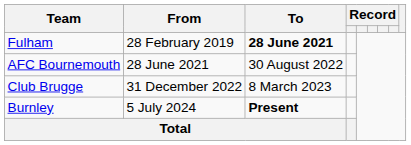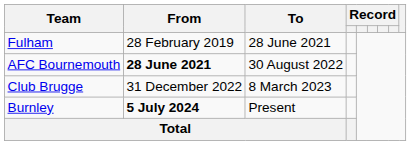 <table class=wikitable style=text-align:center>
 <tr>
 <th rowspan=2>Team</th>
 <th rowspan=2>From</th>
 <th rowspan=2>To</th>
 <th colspan=5>Record</th>
 <th rowspan=2></th>
 </tr>
 <tr>
 <th></th>
 <th></th>
 <th></th>
 <th></th>
 <th></th>
 </tr>
 <tr>
 <td align=left><a href='#'>Fulham</a></td>
 <td align=left>28 February 2019</td>
-<td align=left><strong>28 June 2021<br></strong></td>
+<td align=left>28 June 2021<br></td>
 <td></td>
 </tr>
 <tr>
 <td align=left><a href='#'>AFC Bournemouth</a></td>
-<td align=left>28 June 2021</td>
+<td align=left><strong>28 June 2021</strong></td>
 <td align=left>30 August 2022<br></td>
 <td></td>
 </tr>
 <tr>
 <td align=left><a href='#'>Club Brugge</a></td>
 <td align=left>31 December 2022</td>
 <td align=left>8 March 2023<br></td>
 <td></td>
 </tr>
 <tr>
 <td align=left><a href='#'>Burnley</a></td>
-<td align=left>5 July 2024</td>
-<td align=left><strong>Present<br></strong></td>
+<td align=left><strong>5 July 2024</strong></td>
+<td align=left>Present<br></td>
 <td></td>
 </tr>
 <tr>
 <th colspan=3>Total<br></th>
 <th></th>
 </tr>
 </table>
